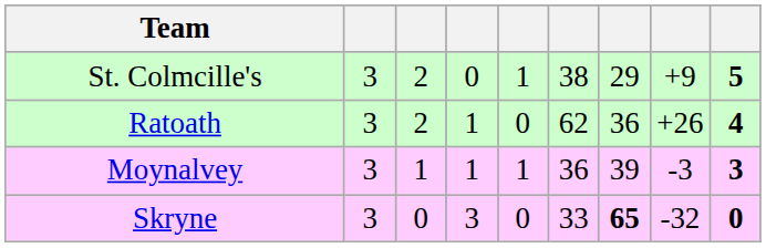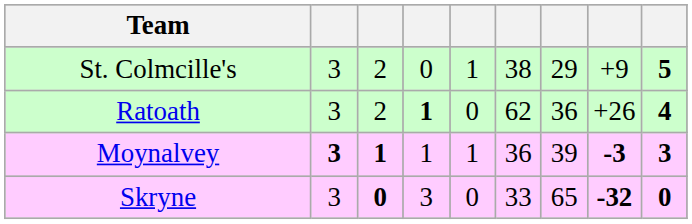 <table class="wikitable" style="text-align:center">
 <tr>
 <th style="width:175px;">Team</th>
 <th width="20"></th>
 <th width="20"></th>
 <th width="20"></th>
 <th width="20"></th>
 <th width="20"></th>
 <th width="20"></th>
 <th width="20"></th>
 <th width="20"></th>
 </tr>
 <tr style="background:#cfc;">
 <td>St. Colmcille's</td>
 <td>3</td>
 <td>2</td>
 <td>0</td>
 <td>1</td>
 <td>38</td>
 <td>29</td>
 <td>+9</td>
 <td><strong>5</strong></td>
 </tr>
 <tr style="background:#cfc;">
 <td><a href='#'>Ratoath</a></td>
 <td>3</td>
 <td>2</td>
-<td>1</td>
+<td><strong>1</strong></td>
 <td>0</td>
 <td>62</td>
 <td>36</td>
 <td>+26</td>
 <td><strong>4</strong></td>
 </tr>
 <tr style="background:#fcf;">
 <td><a href='#'>Moynalvey</a></td>
-<td>3</td>
-<td>1</td>
+<td><strong>3</strong></td>
+<td><strong>1</strong></td>
 <td>1</td>
 <td>1</td>
 <td>36</td>
 <td>39</td>
-<td>-3</td>
+<td><strong>-3</strong></td>
 <td><strong>3</strong></td>
 </tr>
 <tr style="background:#fcf;">
 <td><a href='#'>Skryne</a></td>
 <td>3</td>
-<td>0</td>
+<td><strong>0</strong></td>
 <td>3</td>
 <td>0</td>
 <td>33</td>
-<td><strong>65</strong></td>
-<td>-32</td>
+<td>65</td>
+<td><strong>-32</strong></td>
 <td><strong>0</strong></td>
 </tr>
 </table>
